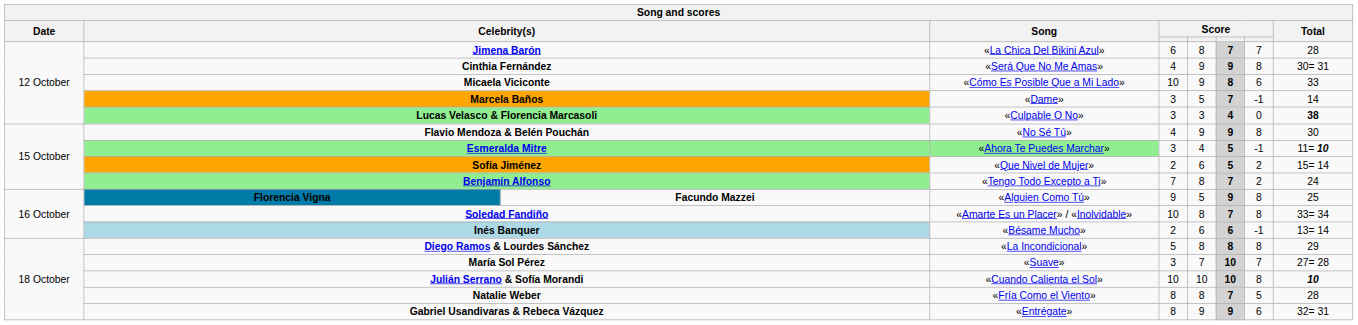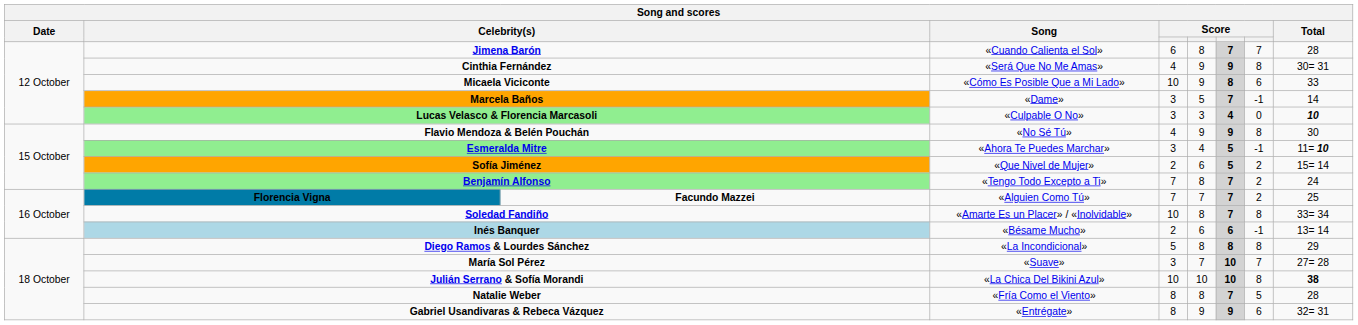 <table class="wikitable collapsible collapsed" style="font-size:95%; text-align: center; width: 100%;">
 <tr>
 <th colspan="11" style="with: 100%;" align=center>Song and scores</th>
 </tr>
 <tr>
 <th rowspan="2" width=110>Date</th>
 <th rowspan="2" colspan="2" width=150>Celebrity(s)</th>
 <th rowspan="2" width=330>Song</th>
 <th colspan="4">Score</th>
 <th rowspan="2" width=110>Total</th>
 </tr>
 <tr>
 <th width=35></th>
 <th width=35></th>
 <th width=35></th>
 <th width=35></th>
 </tr>
 <tr>
 <td rowspan="5">12 October</td>
 <td bgcolor="" colspan="2"><strong><a href='#'>Jimena Barón</a></strong></td>
-<td>«<a href='#'>La Chica Del Bikini Azul</a>»</td>
+<td>«<a href='#'>Cuando Calienta el Sol</a>»</td>
 <td>6</td>
 <td>8</td>
 <td bgcolor="lightgrey"><strong>7</strong></td>
 <td>7</td>
 <td>28</td>
 </tr>
 <tr>
 <td bgcolor="" colspan="2"><strong>Cinthia Fernández</strong></td>
 <td>«<a href='#'>Será Que No Me Amas</a>»</td>
 <td>4</td>
 <td>9</td>
 <td bgcolor="lightgrey"><strong>9</strong></td>
 <td>8</td>
 <td>30= 31</td>
 </tr>
 <tr>
 <td bgcolor="" colspan="2"><strong>Micaela Viciconte</strong></td>
 <td>«<a href='#'>Cómo Es Posible Que a Mi Lado</a>»</td>
 <td>10</td>
 <td>9</td>
 <td bgcolor="lightgrey"><strong>8</strong></td>
 <td>6</td>
 <td>33</td>
 </tr>
 <tr>
 <td bgcolor="orange" colspan="2"><strong>Marcela Baños</strong></td>
 <td>«<a href='#'>Dame</a>»</td>
 <td>3</td>
 <td>5</td>
 <td bgcolor="lightgrey"><strong>7</strong></td>
 <td>-1</td>
 <td>14</td>
 </tr>
 <tr>
 <td bgcolor="lightgreen" colspan="2"><strong>Lucas Velasco & Florencia Marcasoli</strong></td>
 <td>«<a href='#'>Culpable O No</a>»</td>
 <td>3</td>
 <td>3</td>
 <td bgcolor="lightgrey"><strong>4</strong></td>
 <td>0</td>
-<td><span><strong>38</strong></span></td>
+<td><span><strong><em>10</em></strong></span></td>
 </tr>
 <tr>
 <td rowspan="4">15 October</td>
 <td bgcolor="" colspan="2"><strong>Flavio Mendoza & Belén Pouchán</strong></td>
 <td>«<a href='#'>No Sé Tú</a>»</td>
 <td>4</td>
 <td>9</td>
 <td bgcolor="lightgrey"><strong>9</strong></td>
 <td>8</td>
 <td>30</td>
 </tr>
 <tr>
 <td bgcolor="lightgreen" colspan="2"><strong><a href='#'>Esmeralda Mitre</a></strong></td>
-<td style="background: lightgreen;">«<a href='#'>Ahora Te Puedes Marchar</a>»</td>
+<td>«<a href='#'>Ahora Te Puedes Marchar</a>»</td>
 <td>3</td>
 <td>4</td>
 <td bgcolor="lightgrey"><strong>5</strong></td>
 <td>-1</td>
 <td>11= <span><strong><em>10</em></strong></span></td>
 </tr>
 <tr>
 <td bgcolor="orange" colspan="2"><strong>Sofía Jiménez</strong></td>
 <td>«<a href='#'>Que Nivel de Mujer</a>»</td>
 <td>2</td>
 <td>6</td>
 <td bgcolor="lightgrey"><strong>5</strong></td>
 <td>2</td>
 <td>15= 14</td>
 </tr>
 <tr>
 <td bgcolor="lightgreen" colspan="2"><strong><a href='#'>Benjamín Alfonso</a></strong></td>
 <td>«<a href='#'>Tengo Todo Excepto a Ti</a>»</td>
 <td>7</td>
 <td>8</td>
 <td bgcolor="lightgrey"><strong>7</strong></td>
 <td>2</td>
 <td>24</td>
 </tr>
 <tr>
 <td rowspan="3">16 October</td>
 <td bgcolor="#007BA7"><strong>Florencia Vigna</strong></td>
 <td bgcolor=""><strong> Facundo Mazzei</strong></td>
 <td>«<a href='#'>Alguien Como Tú</a>»</td>
-<td>9</td>
-<td>5</td>
-<td bgcolor="lightgrey"><strong>9</strong></td>
-<td>8</td>
+<td>7</td>
+<td>7</td>
+<td bgcolor="lightgrey"><strong>7</strong></td>
+<td>2</td>
 <td>25</td>
 </tr>
 <tr>
 <td bgcolor="" colspan="2"><strong><a href='#'>Soledad Fandiño</a></strong></td>
 <td>«<a href='#'>Amarte Es un Placer</a>» / «<a href='#'>Inolvidable</a>»</td>
 <td>10</td>
 <td>8</td>
 <td bgcolor="lightgrey"><strong>7</strong></td>
 <td>8</td>
 <td>33= 34</td>
 </tr>
 <tr>
 <td bgcolor="lightblue" colspan="2"><strong>Inés Banquer</strong></td>
 <td>«<a href='#'>Bésame Mucho</a>»</td>
 <td>2</td>
 <td>6</td>
 <td bgcolor="lightgrey"><strong>6</strong></td>
 <td>-1</td>
 <td>13= 14</td>
 </tr>
 <tr>
 <td rowspan="5">18 October</td>
 <td bgcolor="" colspan="2"><strong><a href='#'>Diego Ramos</a> & Lourdes Sánchez</strong></td>
 <td>«<a href='#'>La Incondicional</a>»</td>
 <td>5</td>
 <td>8</td>
 <td bgcolor="lightgrey"><strong>8</strong></td>
 <td>8</td>
 <td>29</td>
 </tr>
 <tr>
 <td bgcolor="" colspan="2"><strong>María Sol Pérez</strong></td>
 <td>«<a href='#'>Suave</a>»</td>
 <td>3</td>
 <td>7</td>
 <td bgcolor="lightgrey"><strong>10</strong></td>
 <td>7</td>
 <td>27= 28</td>
 </tr>
 <tr>
 <td bgcolor="" colspan="2"><strong><a href='#'>Julián Serrano</a> & Sofía Morandi</strong></td>
-<td>«<a href='#'>Cuando Calienta el Sol</a>»</td>
+<td>«<a href='#'>La Chica Del Bikini Azul</a>»</td>
 <td>10</td>
 <td>10</td>
 <td bgcolor="lightgrey"><strong>10</strong></td>
 <td>8</td>
-<td><span><strong><em>10</em></strong></span></td>
+<td><span><strong>38</strong></span></td>
 </tr>
 <tr>
 <td bgcolor="" colspan="2"><strong>Natalie Weber</strong></td>
 <td>«<a href='#'>Fría Como el Viento</a>»</td>
 <td>8</td>
 <td>8</td>
 <td bgcolor="lightgrey"><strong>7</strong></td>
 <td>5</td>
 <td>28</td>
 </tr>
 <tr>
 <td bgcolor="" colspan="2"><strong>Gabriel Usandivaras & Rebeca Vázquez</strong></td>
 <td>«<a href='#'>Entrégate</a>»</td>
 <td>8</td>
 <td>9</td>
 <td bgcolor="lightgrey"><strong>9</strong></td>
 <td>6</td>
 <td>32= 31</td>
 </tr>
 </table>
